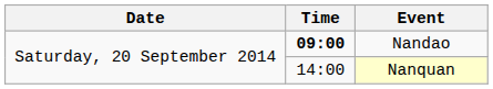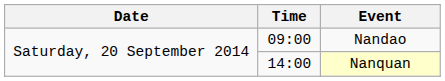 <table class = "wikitable" style="text-align:center;">
 <tr>
 <th width=220>Date</th>
 <th width=50>Time</th>
 <th width=100>Event</th>
 </tr>
 <tr>
 <td rowspan=2>Saturday, 20 September 2014</td>
-<td><strong>09:00</strong></td>
+<td>09:00</td>
 <td>Nandao</td>
 </tr>
 <tr>
 <td>14:00</td>
 <td bgcolor=ffffcc>Nanquan</td>
 </tr>
 </table>
